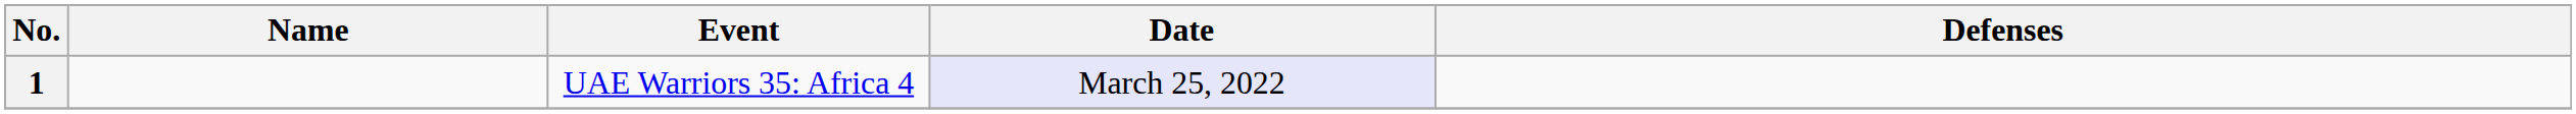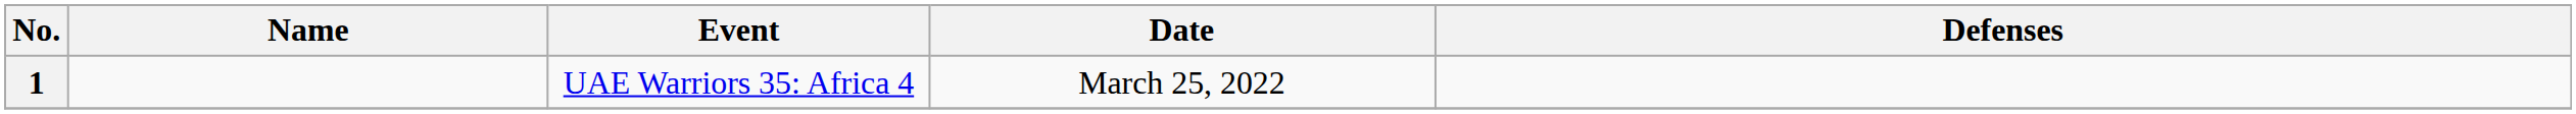 <table class="wikitable" width=100%>
 <tr>
 <th width=1%>No.</th>
 <th width=19%>Name</th>
 <th width=15%>Event</th>
 <th width=20%>Date</th>
 <th width=45%>Defenses</th>
 </tr>
 <tr>
 <th>1</th>
 <td align=left><br></td>
 <td align=center><a href='#'>UAE Warriors 35: Africa 4</a> <br></td>
-<td align=center style="background: lavender;">March 25, 2022</td>
+<td align=center>March 25, 2022</td>
 <td></td>
 </tr>
 <tr>
 </tr>
 </table>
